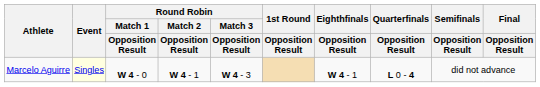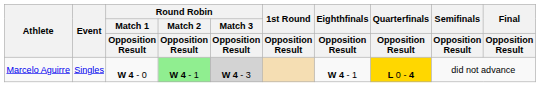 <table class="wikitable" border="1" style="font-size:90%">
 <tr>
 <th rowspan=3>Athlete</th>
 <th rowspan=3>Event</th>
 <th colspan=3>Round Robin</th>
 <th rowspan=2>1st Round</th>
 <th rowspan=2>Eighthfinals</th>
 <th rowspan=2>Quarterfinals</th>
 <th rowspan=2>Semifinals</th>
 <th rowspan=2>Final</th>
 </tr>
 <tr>
 <th>Match 1</th>
 <th>Match 2</th>
 <th>Match 3</th>
 </tr>
 <tr>
 <th>Opposition<br>Result</th>
 <th>Opposition<br>Result</th>
 <th>Opposition<br>Result</th>
 <th>Opposition<br>Result</th>
 <th>Opposition<br>Result</th>
 <th>Opposition<br>Result</th>
 <th>Opposition<br>Result</th>
 <th>Opposition<br>Result</th>
 </tr>
 <tr>
 <td><a href='#'>Marcelo Aguirre</a></td>
-<td style="background: lightyellow;"><a href='#'>Singles</a></td>
+<td><a href='#'>Singles</a></td>
 <td align=center><br><strong>W</strong> <strong>4</strong> - 0</td>
-<td align=center><br><strong>W</strong> <strong>4</strong> - 1</td>
-<td align=center><br><strong>W</strong> <strong>4</strong> - 3</td>
+<td align=center style="background: lightgreen;"><br><strong>W</strong> <strong>4</strong> - 1</td>
+<td align=center style="background: lightgrey;"><br><strong>W</strong> <strong>4</strong> - 3</td>
 <td align=center bgcolor=wheat></td>
 <td align=center><br><strong>W</strong> <strong>4</strong> - 1</td>
-<td align=center><br><strong>L</strong> 0 - <strong>4</strong></td>
+<td align=center style="background: gold;"><br><strong>L</strong> 0 - <strong>4</strong></td>
 <td align="center" colspan="7">did not advance</td>
 </tr>
 </table>
